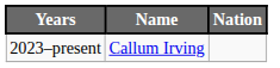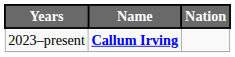 <table class="wikitable">
 <tr>
 <th style="background:#696969; color:#FFF; border:2px solid #000000;" scope="col">Years</th>
 <th style="background:#696969; color:#FFF; border:2px solid #000000;" scope="col">Name</th>
 <th style="background:#696969; color:#FFF; border:2px solid #000000;" scope="col">Nation</th>
 </tr>
 <tr>
 <td>2023–present</td>
-<td><a href='#'>Callum Irving</a></td>
+<td><strong><a href='#'>Callum Irving</a></strong></td>
 <td></td>
 </tr>
 <tr>
 </tr>
 </table>
